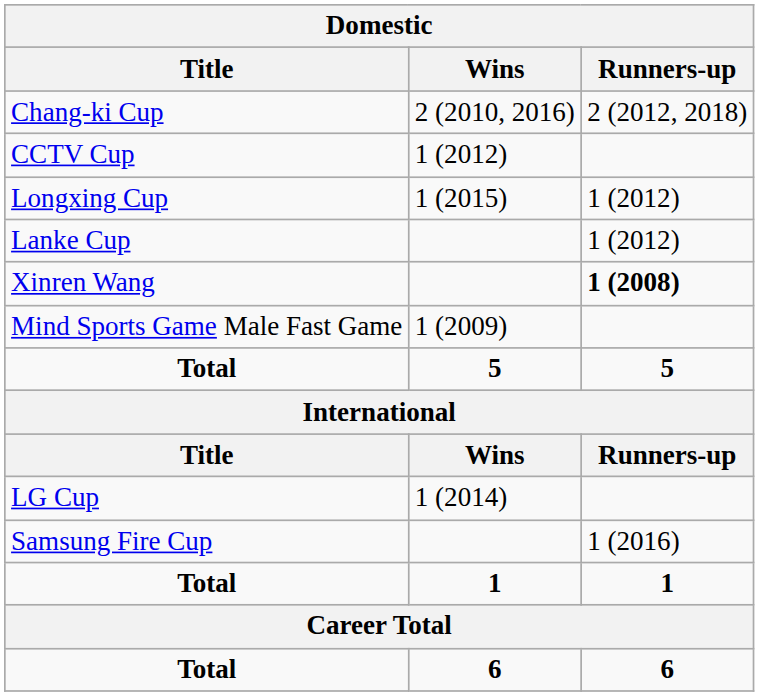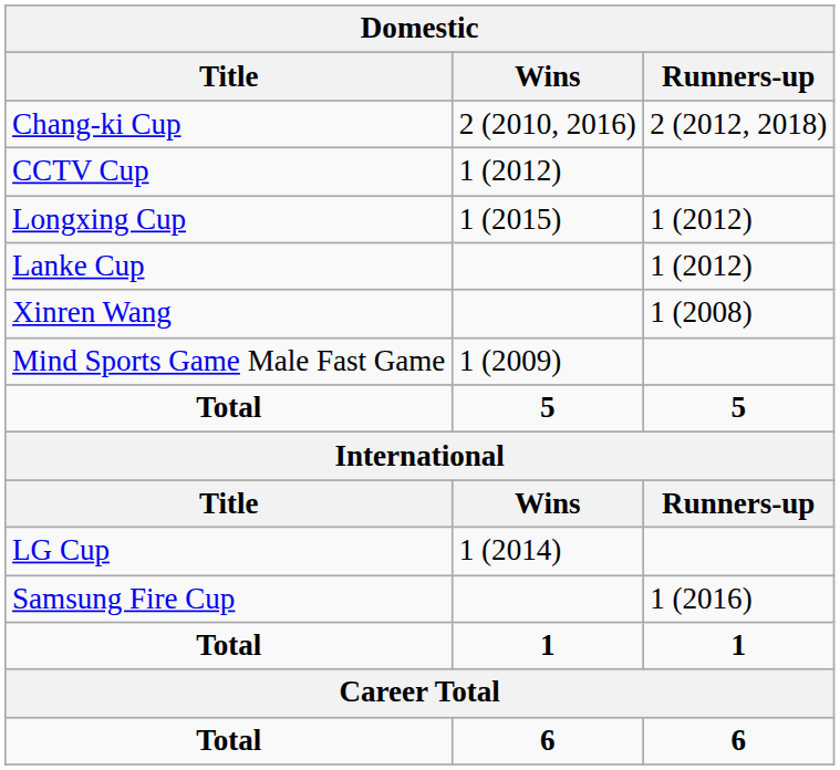 <table class="wikitable">
 <tr>
 <th colspan=3>Domestic</th>
 </tr>
 <tr>
 <th>Title</th>
 <th>Wins</th>
 <th>Runners-up</th>
 </tr>
 <tr>
 <td><a href='#'>Chang-ki Cup</a></td>
 <td>2 (2010, 2016)</td>
 <td>2 (2012, 2018)</td>
 </tr>
 <tr>
 <td><a href='#'>CCTV Cup</a></td>
 <td>1 (2012)</td>
 <td></td>
 </tr>
 <tr>
 <td><a href='#'>Longxing Cup</a></td>
 <td>1 (2015)</td>
 <td>1 (2012)</td>
 </tr>
 <tr>
 <td><a href='#'>Lanke Cup</a></td>
 <td></td>
 <td>1 (2012)</td>
 </tr>
 <tr>
 <td><a href='#'>Xinren Wang</a></td>
 <td></td>
-<td><strong>1 (2008)</strong></td>
+<td>1 (2008)</td>
 </tr>
 <tr>
 <td><a href='#'>Mind Sports Game</a> Male Fast Game</td>
 <td>1 (2009)</td>
 <td></td>
 </tr>
 <tr align="center">
 <td><strong>Total</strong></td>
 <td><strong>5</strong></td>
 <td><strong>5</strong></td>
 </tr>
 <tr>
 <th colspan=3>International</th>
 </tr>
 <tr>
 <th>Title</th>
 <th>Wins</th>
 <th>Runners-up</th>
 </tr>
 <tr>
 <td><a href='#'>LG Cup</a></td>
 <td>1 (2014)</td>
 <td></td>
 </tr>
 <tr>
 <td><a href='#'>Samsung Fire Cup</a></td>
 <td></td>
 <td>1 (2016)</td>
 </tr>
 <tr align="center">
 <td><strong>Total</strong></td>
 <td><strong>1</strong></td>
 <td><strong>1</strong></td>
 </tr>
 <tr>
 <th colspan=3>Career Total</th>
 </tr>
 <tr align="center">
 <td><strong>Total</strong></td>
 <td><strong>6</strong></td>
 <td><strong>6</strong></td>
 </tr>
 </table>
